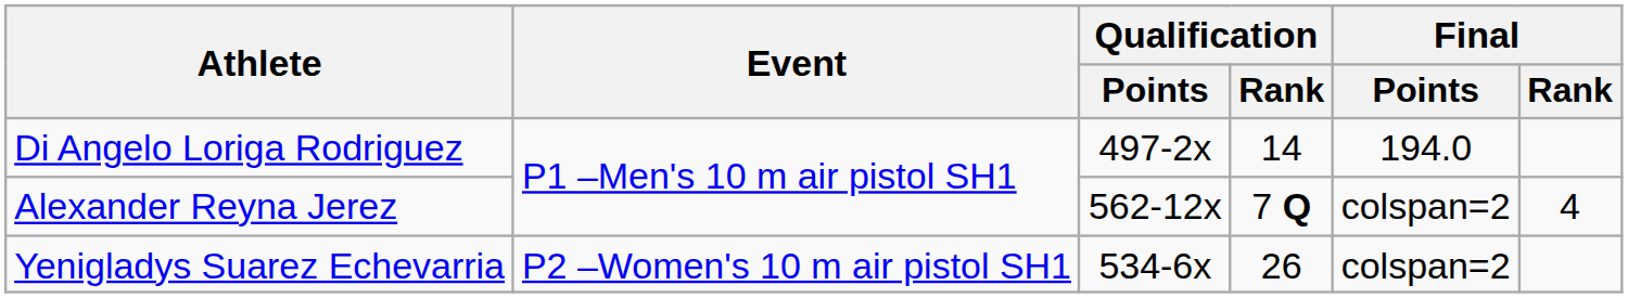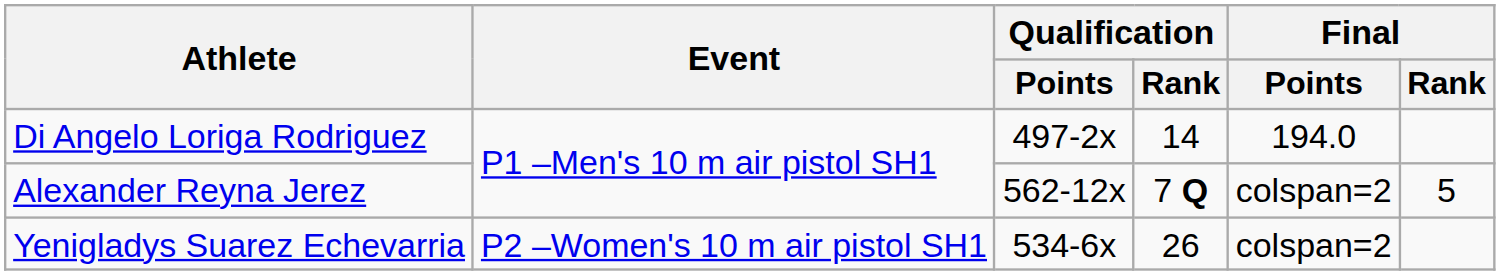 <table class="wikitable" style="font-size:90%">
 <tr>
 <th rowspan="2">Athlete</th>
 <th rowspan="2">Event</th>
 <th colspan="2">Qualification</th>
 <th colspan="2">Final</th>
 </tr>
 <tr style="font-size:95%">
 <th>Points</th>
 <th>Rank</th>
 <th>Points</th>
 <th>Rank</th>
 </tr>
 <tr align=center>
 <td align=left><a href='#'>Di Angelo Loriga Rodriguez</a></td>
 <td align=left rowspan=2><a href='#'>P1 –Men's 10 m air pistol SH1</a></td>
 <td>497-2x</td>
 <td>14</td>
 <td>194.0</td>
 </tr>
 <tr align=center>
 <td align=left><a href='#'>Alexander Reyna Jerez</a></td>
 <td>562-12x</td>
 <td>7 <strong>Q</strong></td>
 <td>colspan=2 </td>
-<td>4</td>
+<td>5</td>
 </tr>
 <tr align=center>
 <td align=left><a href='#'>Yenigladys Suarez Echevarria</a></td>
 <td align=left><a href='#'>P2 –Women's 10 m air pistol SH1</a></td>
 <td>534-6x</td>
 <td>26</td>
 <td>colspan=2 </td>
 </tr>
 </table>
